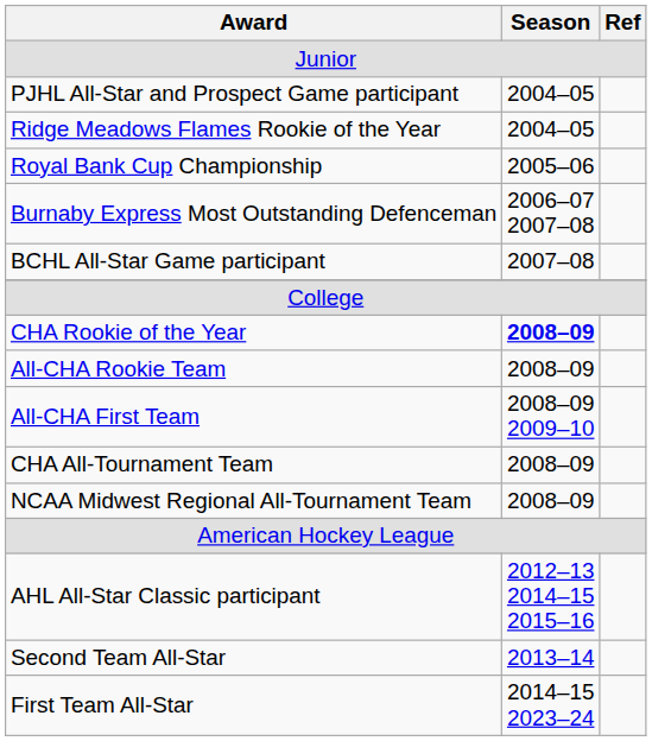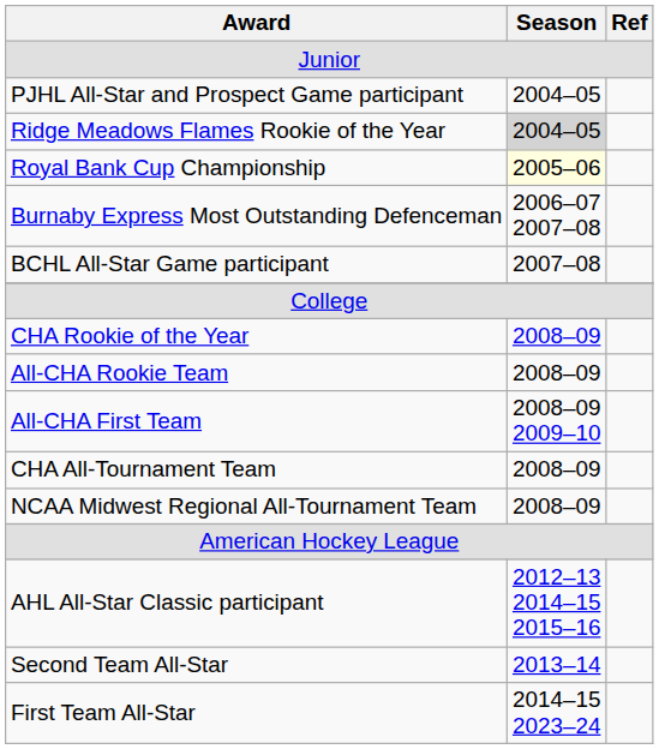 <table class="wikitable">
 <tr>
 <th>Award</th>
 <th>Season</th>
 <th>Ref</th>
 </tr>
 <tr ALIGN="center" bgcolor="#e0e0e0">
 <td colspan="3"><a href='#'>Junior</a></td>
 </tr>
 <tr>
 <td>PJHL All-Star and Prospect Game participant</td>
 <td>2004–05</td>
 <td></td>
 </tr>
 <tr>
 <td><a href='#'>Ridge Meadows Flames</a> Rookie of the Year</td>
-<td>2004–05</td>
+<td style="background: lightgrey;">2004–05</td>
 <td></td>
 </tr>
 <tr>
 <td><a href='#'>Royal Bank Cup</a> Championship</td>
-<td>2005–06</td>
+<td style="background: lightyellow;">2005–06</td>
 <td></td>
 </tr>
 <tr>
 <td><a href='#'>Burnaby Express</a> Most Outstanding Defenceman</td>
 <td>2006–07<br>2007–08</td>
 <td><br></td>
 </tr>
 <tr>
 <td>BCHL All-Star Game participant</td>
 <td>2007–08</td>
 <td></td>
 </tr>
 <tr>
 </tr>
 <tr ALIGN="center" bgcolor="#e0e0e0">
 <td colspan="3"><a href='#'>College</a></td>
 </tr>
 <tr>
 <td><a href='#'>CHA Rookie of the Year</a></td>
-<td><strong><a href='#'>2008–09</a></strong></td>
+<td><a href='#'>2008–09</a></td>
 <td></td>
 </tr>
 <tr>
 <td><a href='#'>All-CHA Rookie Team</a></td>
 <td>2008–09</td>
 <td></td>
 </tr>
 <tr>
 <td><a href='#'>All-CHA First Team</a></td>
 <td>2008–09<br><a href='#'>2009–10</a></td>
 <td></td>
 </tr>
 <tr>
 <td>CHA All-Tournament Team</td>
 <td>2008–09</td>
 <td></td>
 </tr>
 <tr>
 <td>NCAA Midwest Regional All-Tournament Team</td>
 <td>2008–09</td>
 <td></td>
 </tr>
 <tr ALIGN="center" bgcolor="#e0e0e0">
 <td colspan="3"><a href='#'>American Hockey League</a></td>
 </tr>
 <tr>
 <td>AHL All-Star Classic participant</td>
 <td><a href='#'>2012–13</a><br><a href='#'>2014–15</a><br><a href='#'>2015–16</a></td>
 <td></td>
 </tr>
 <tr>
 <td>Second Team All-Star</td>
 <td><a href='#'>2013–14</a></td>
 <td></td>
 </tr>
 <tr>
 <td>First Team All-Star</td>
 <td>2014–15<br><a href='#'>2023–24</a></td>
 <td></td>
 </tr>
 </table>
